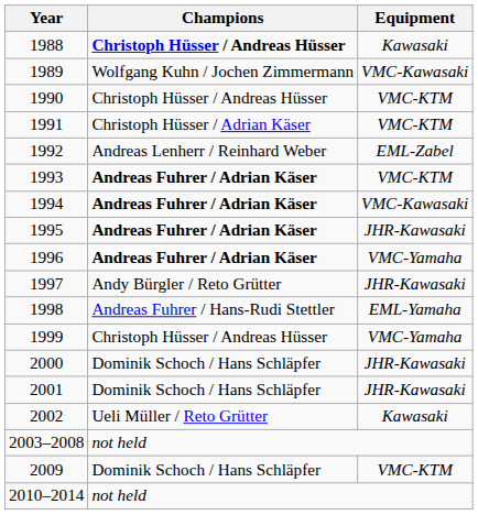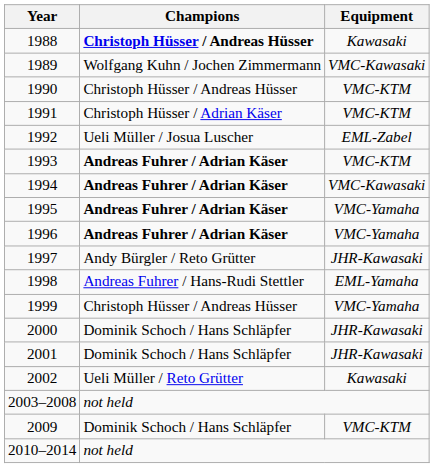 <table class="wikitable" style="display:inline-table;">
 <tr>
 <th>Year</th>
 <th>Champions</th>
 <th>Equipment</th>
 </tr>
 <tr align="center">
 <td>1988</td>
 <td align="left"><strong><a href='#'>Christoph Hüsser</a> / Andreas Hüsser</strong></td>
 <td><em>Kawasaki</em></td>
 </tr>
 <tr align="center">
 <td>1989</td>
 <td align="left">Wolfgang Kuhn / Jochen Zimmermann</td>
 <td><em>VMC-Kawasaki</em></td>
 </tr>
 <tr align="center">
 <td>1990</td>
 <td align="left">Christoph Hüsser / Andreas Hüsser</td>
 <td><em>VMC-KTM</em></td>
 </tr>
 <tr align="center">
 <td>1991</td>
 <td align="left">Christoph Hüsser / <a href='#'>Adrian Käser</a></td>
 <td><em>VMC-KTM</em></td>
 </tr>
 <tr align="center">
 <td>1992</td>
-<td align="left">Andreas Lenherr / Reinhard Weber</td>
+<td align="left">Ueli Müller / Josua Luscher</td>
 <td><em>EML-Zabel</em></td>
 </tr>
 <tr align="center">
 <td>1993</td>
 <td align="left"><strong>Andreas Fuhrer / Adrian Käser</strong></td>
 <td><em>VMC-KTM</em></td>
 </tr>
 <tr align="center">
 <td>1994</td>
 <td align="left"><strong>Andreas Fuhrer / Adrian Käser</strong></td>
 <td><em>VMC-Kawasaki</em></td>
 </tr>
 <tr align="center">
 <td>1995</td>
 <td align="left"><strong>Andreas Fuhrer / Adrian Käser</strong></td>
-<td><em>JHR-Kawasaki</em></td>
+<td><em>VMC-Yamaha</em></td>
 </tr>
 <tr align="center">
 <td>1996</td>
 <td align="left"><strong>Andreas Fuhrer / Adrian Käser</strong></td>
 <td><em>VMC-Yamaha</em></td>
 </tr>
 <tr align="center">
 <td>1997</td>
 <td align="left">Andy Bürgler / Reto Grütter</td>
 <td><em>JHR-Kawasaki</em></td>
 </tr>
 <tr align="center">
 <td>1998</td>
 <td align="left"><a href='#'>Andreas Fuhrer</a> / Hans-Rudi Stettler</td>
 <td><em>EML-Yamaha</em></td>
 </tr>
 <tr align="center">
 <td>1999</td>
 <td align="left">Christoph Hüsser / Andreas Hüsser</td>
 <td><em>VMC-Yamaha</em></td>
 </tr>
 <tr align="center">
 <td>2000</td>
 <td align="left">Dominik Schoch / Hans Schläpfer</td>
 <td><em>JHR-Kawasaki</em></td>
 </tr>
 <tr align="center">
 <td>2001</td>
 <td align="left">Dominik Schoch / Hans Schläpfer</td>
 <td><em>JHR-Kawasaki</em></td>
 </tr>
 <tr align="center">
 <td>2002</td>
 <td align="left">Ueli Müller / <a href='#'>Reto Grütter</a></td>
 <td><em>Kawasaki</em></td>
 </tr>
 <tr align="center">
 <td>2003–2008</td>
 <td align="left" colspan=2><em>not held</em></td>
 </tr>
 <tr align="center">
 <td>2009</td>
 <td align="left">Dominik Schoch / Hans Schläpfer</td>
 <td><em>VMC-KTM</em></td>
 </tr>
 <tr align="center">
 <td>2010–2014</td>
 <td align="left" colspan=2><em>not held</em></td>
 </tr>
 </table>
